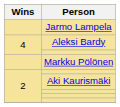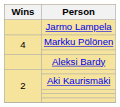 <table class="wikitable" rowspan=2 border="1" cellpadding="4" style="text-align: center; background: #f6e39c">
 <tr>
 <th scope="col" width="55">Wins</th>
 <th scope="col" align="center">Person</th>
 </tr>
 <tr>
 <td></td>
 <td><a href='#'>Jarmo Lampela</a></td>
 </tr>
 <tr>
 <td rowspan=2 style="text-align:center;">4</td>
-<td><a href='#'>Aleksi Bardy</a></td>
+<td><a href='#'>Markku Pölönen</a></td>
 </tr>
 <tr>
 <td></td>
 </tr>
 <tr>
 <td></td>
-<td><a href='#'>Markku Pölönen</a></td>
+<td><a href='#'>Aleksi Bardy</a></td>
 </tr>
 <tr>
 <td rowspan=5 style="text-align:center;">2</td>
 <td></td>
 </tr>
 <tr>
 <td><a href='#'>Aki Kaurismäki</a></td>
 </tr>
 <tr>
 <td></td>
 </tr>
 <tr>
 <td></td>
 </tr>
 <tr>
 <td></td>
 </tr>
 <tr>
 </tr>
 </table>
